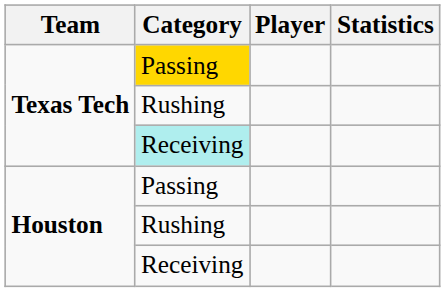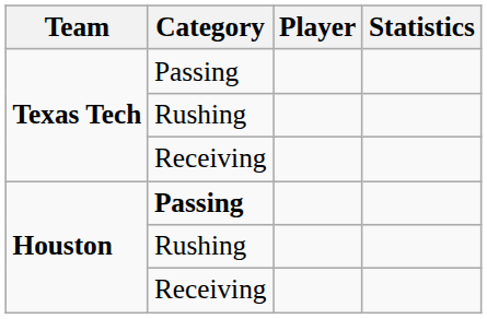 <table class="wikitable" style="float: right;">
 <tr>
 <th>Team</th>
 <th>Category</th>
 <th>Player</th>
 <th>Statistics</th>
 </tr>
 <tr>
 <td rowspan=3 !!><strong>Texas Tech</strong></td>
-<td style="background: gold;">Passing</td>
-<td></td>
-<td></td>
-</tr>
-<tr>
-<td>Rushing</td>
-<td></td>
-<td></td>
-</tr>
-<tr>
-<td style="background: paleturquoise;">Receiving</td>
-<td></td>
-<td></td>
-</tr>
-<tr>
-<td rowspan=3 !!><strong>Houston</strong></td>
 <td>Passing</td>
 <td></td>
 <td></td>
 </tr>
 <tr>
 <td>Rushing</td>
 <td></td>
 <td></td>
 </tr>
 <tr>
 <td>Receiving</td>
 <td></td>
 <td></td>
 </tr>
+<tr>
+<td rowspan=3 !!><strong>Houston</strong></td>
+<td><strong>Passing</strong></td>
+<td></td>
+<td></td>
+</tr>
+<tr>
+<td>Rushing</td>
+<td></td>
+<td></td>
+</tr>
+<tr>
+<td>Receiving</td>
+<td></td>
+<td></td>
+</tr>
 </table>
